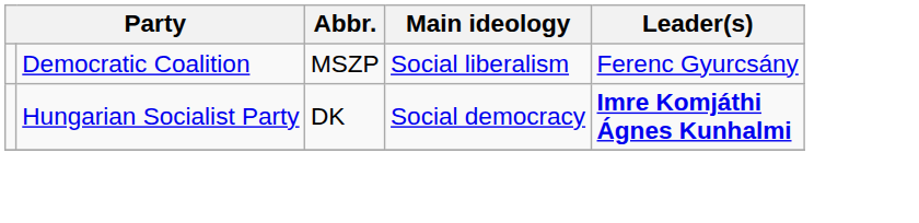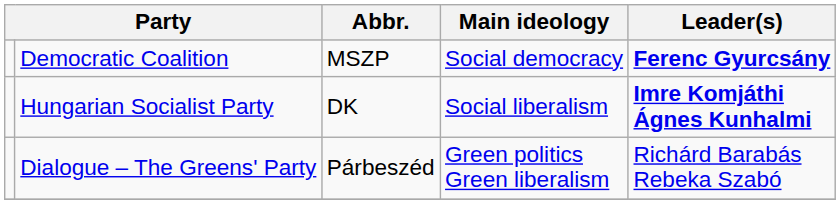 <table class=wikitable style=text-align:left>
 <tr>
 <th colspan=2>Party</th>
 <th>Abbr.</th>
 <th>Main ideology</th>
 <th>Leader(s)</th>
 </tr>
 <tr>
 <td></td>
 <td><a href='#'>Democratic Coalition</a></td>
 <td>MSZP</td>
-<td><a href='#'>Social liberalism</a></td>
-<td><a href='#'>Ferenc Gyurcsány</a></td>
+<td><a href='#'>Social democracy</a></td>
+<td><strong><a href='#'>Ferenc Gyurcsány</a></strong></td>
 </tr>
 <tr>
 <td></td>
 <td><a href='#'>Hungarian Socialist Party</a></td>
 <td>DK</td>
-<td><a href='#'>Social democracy</a></td>
+<td><a href='#'>Social liberalism</a></td>
 <td><strong><a href='#'>Imre Komjáthi</a><br><a href='#'>Ágnes Kunhalmi</a></strong></td>
+</tr>
+<tr>
+<td></td>
+<td><a href='#'>Dialogue – The Greens' Party</a></td>
+<td>Párbeszéd</td>
+<td><a href='#'>Green politics</a><br><a href='#'>Green liberalism</a></td>
+<td><a href='#'>Richárd Barabás</a><br><a href='#'>Rebeka Szabó</a></td>
 </tr>
 <tr>
 </tr>
 </table>
